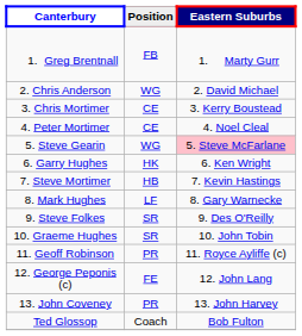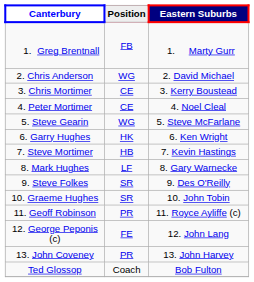 <table align="right" class="wikitable" style="font-size:90%; text-align:center; margin-left:1em">
 <tr bgcolor="#FF0033">
 <th style="width:140px; border:3px solid blue; background: white; color: blue">Canterbury</th>
 <th style="width:40px; text-align:center; background:#eee; color:black;">Position</th>
 <th style="width:140px; border:3px solid red; background: navy; color: white">Eastern Suburbs</th>
 </tr>
 <tr>
 <td><br><ol><li><a href='#'>Greg Brentnall</a></li></ol></td>
 <td><a href='#'>FB</a></td>
 <td><br><ol><li><a href='#'>Marty Gurr</a></li></ol></td>
 </tr>
 <tr>
 <td>2. <a href='#'>Chris Anderson</a></td>
 <td><a href='#'>WG</a></td>
 <td>2. <a href='#'>David Michael</a></td>
 </tr>
 <tr>
 <td>3. <a href='#'>Chris Mortimer</a></td>
 <td><a href='#'>CE</a></td>
 <td>3. <a href='#'>Kerry Boustead</a></td>
 </tr>
 <tr>
 <td>4. <a href='#'>Peter Mortimer</a></td>
 <td><a href='#'>CE</a></td>
 <td>4. <a href='#'>Noel Cleal</a></td>
 </tr>
 <tr>
 <td>5. <a href='#'>Steve Gearin</a></td>
 <td><a href='#'>WG</a></td>
-<td style="background: pink;">5. <a href='#'>Steve McFarlane</a></td>
+<td>5. <a href='#'>Steve McFarlane</a></td>
 </tr>
 <tr>
 <td>6. <a href='#'>Garry Hughes</a></td>
 <td><a href='#'>HK</a></td>
 <td>6. <a href='#'>Ken Wright</a></td>
 </tr>
 <tr>
 <td>7. <a href='#'>Steve Mortimer</a></td>
 <td><a href='#'>HB</a></td>
 <td>7. <a href='#'>Kevin Hastings</a></td>
 </tr>
 <tr>
 <td>8. <a href='#'>Mark Hughes</a></td>
 <td><a href='#'>LF</a></td>
 <td>8. <a href='#'>Gary Warnecke</a></td>
 </tr>
 <tr>
 <td>9. <a href='#'>Steve Folkes</a></td>
 <td><a href='#'>SR</a></td>
 <td>9. <a href='#'>Des O'Reilly</a></td>
 </tr>
 <tr>
 <td>10. <a href='#'>Graeme Hughes</a></td>
 <td><a href='#'>SR</a></td>
 <td>10. <a href='#'>John Tobin</a></td>
 </tr>
 <tr>
 <td>11. <a href='#'>Geoff Robinson</a></td>
 <td><a href='#'>PR</a></td>
 <td>11. <a href='#'>Royce Ayliffe</a> (c)</td>
 </tr>
 <tr>
 <td>12. <a href='#'>George Peponis</a> (c)</td>
 <td><a href='#'>FE</a></td>
 <td>12. <a href='#'>John Lang</a></td>
 </tr>
 <tr>
 <td>13. <a href='#'>John Coveney</a></td>
 <td><a href='#'>PR</a></td>
 <td>13. <a href='#'>John Harvey</a></td>
 </tr>
 <tr>
 <td><a href='#'>Ted Glossop</a></td>
 <td>Coach</td>
 <td><a href='#'>Bob Fulton</a></td>
 </tr>
 <tr>
 </tr>
 </table>
